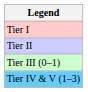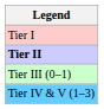 <table class="wikitable" style="font-size:90%">
 <tr>
 <th>Legend</th>
 </tr>
 <tr>
 <td style="background:#fcc;">Tier I</td>
 </tr>
 <tr>
-<td style="background:#ccf;">Tier II</td>
+<td style="background:#ccf;"><strong>Tier II</strong></td>
 </tr>
 <tr>
 <td style="background:#cfc;">Tier III (0–1)</td>
 </tr>
 <tr>
 <td style="background:#6cf;">Tier IV & V (1–3)</td>
 </tr>
 </table>
